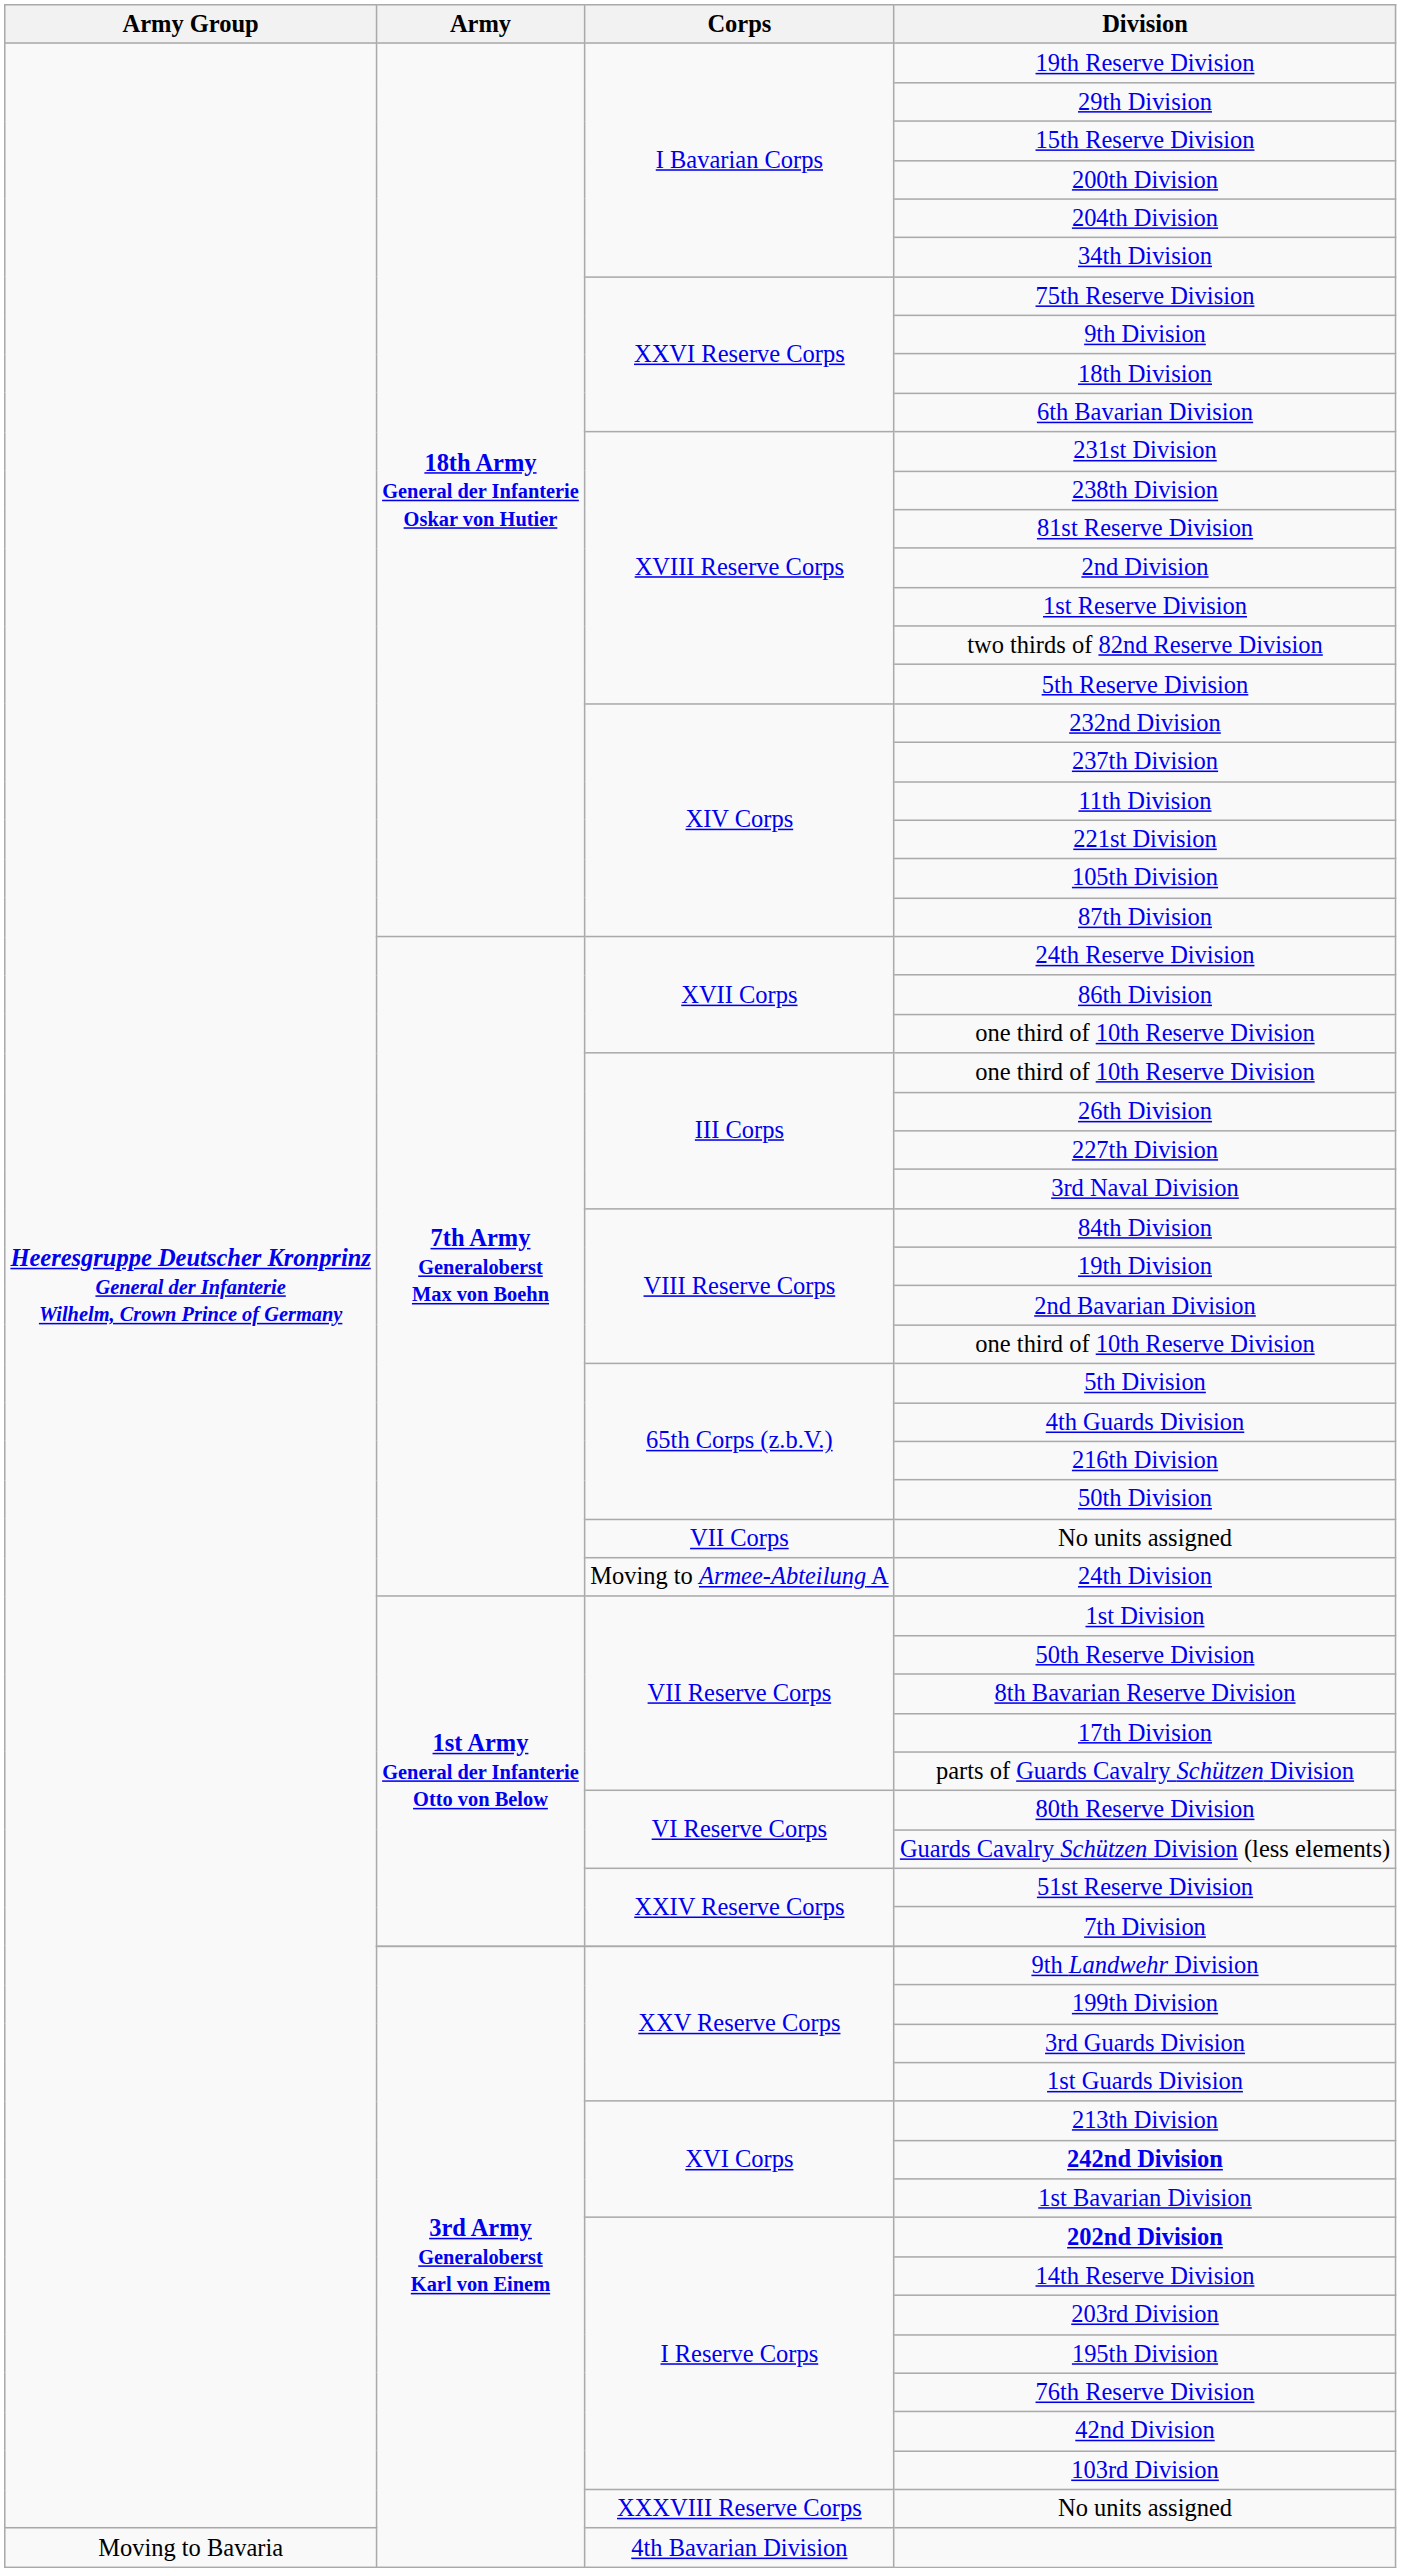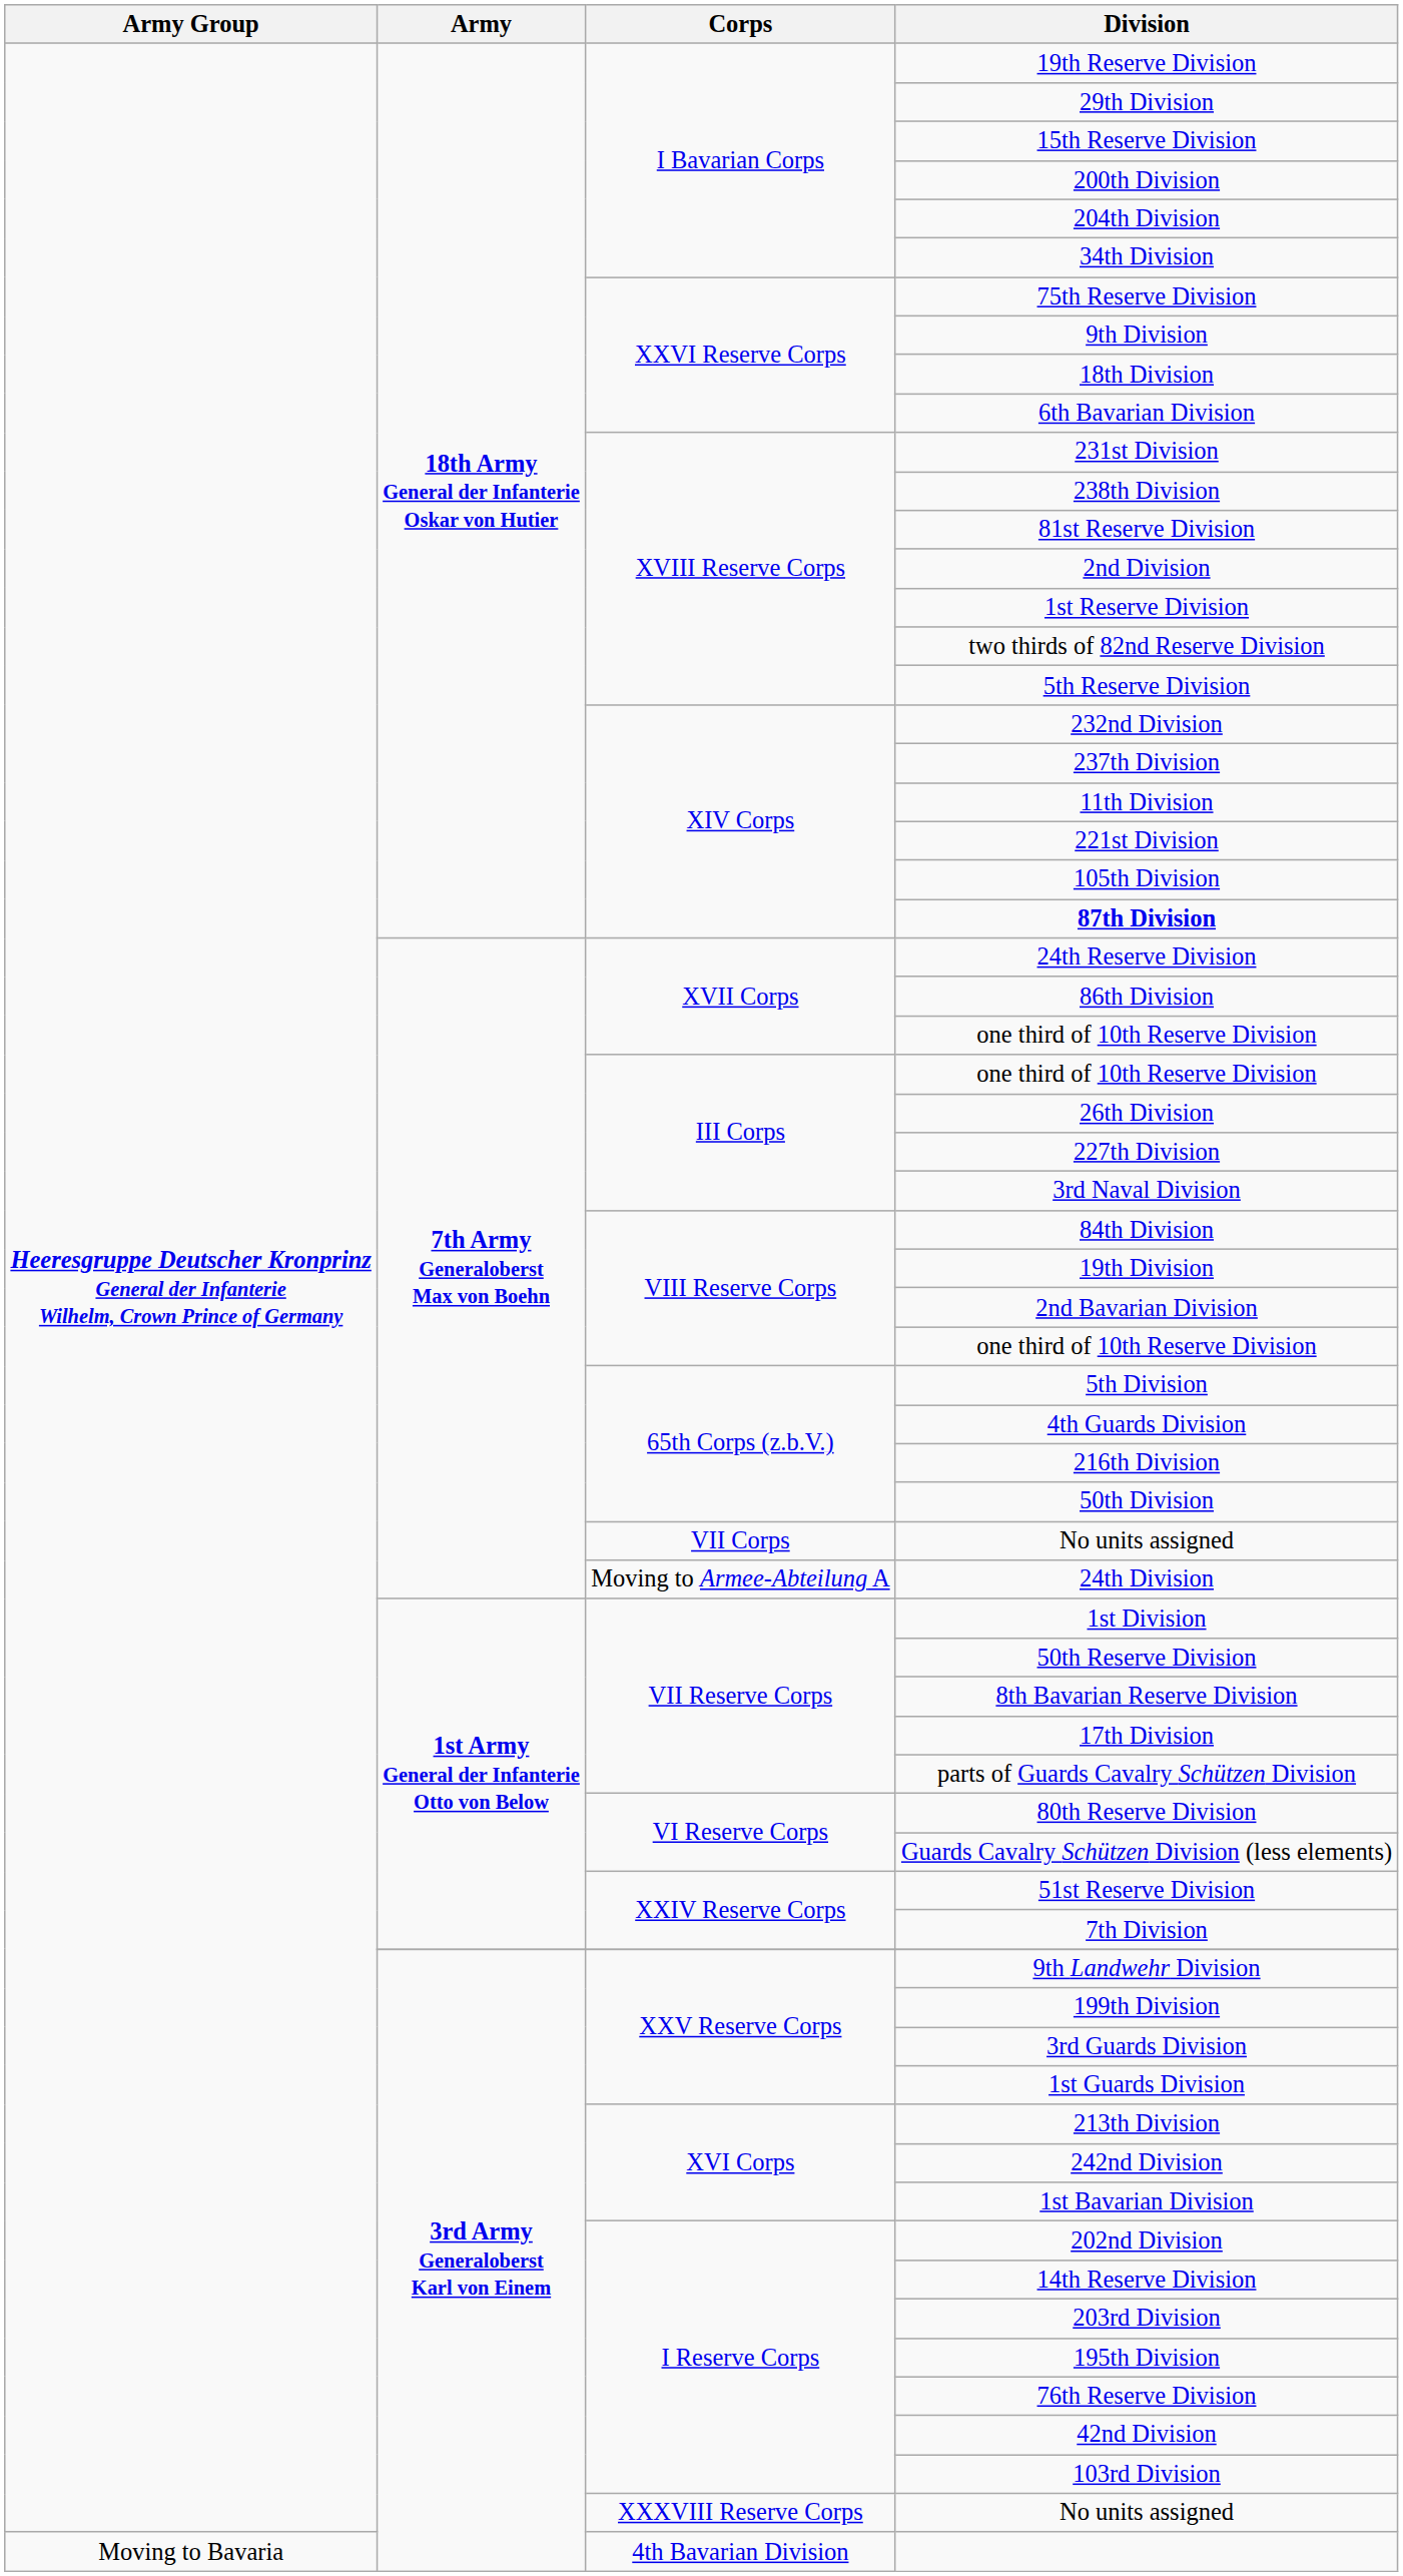 <table class="wikitable" style="text-align:center;">
 <tr>
 <th>Army Group</th>
 <th>Army</th>
 <th>Corps</th>
 <th>Division</th>
 </tr>
 <tr>
 <td ROWSPAN=65><strong><em><a href='#'>Heeresgruppe Deutscher Kronprinz</a><br><small><a href='#'>General der Infanterie</a><br><a href='#'>Wilhelm, Crown Prince of Germany</a></small></em></strong></td>
 <td ROWSPAN=23><strong><a href='#'>18th Army</a><br><small><a href='#'>General der Infanterie</a><br><a href='#'>Oskar von Hutier</a></small></strong></td>
 <td ROWSPAN=6><a href='#'>I Bavarian Corps</a></td>
 <td><a href='#'>19th Reserve Division</a></td>
 </tr>
 <tr>
 <td><a href='#'>29th Division</a></td>
 </tr>
 <tr>
 <td><a href='#'>15th Reserve Division</a></td>
 </tr>
 <tr>
 <td><a href='#'>200th Division</a></td>
 </tr>
 <tr>
 <td><a href='#'>204th Division</a></td>
 </tr>
 <tr>
 <td><a href='#'>34th Division</a></td>
 </tr>
 <tr>
 <td ROWSPAN=4><a href='#'>XXVI Reserve Corps</a></td>
 <td><a href='#'>75th Reserve Division</a></td>
 </tr>
 <tr>
 <td><a href='#'>9th Division</a></td>
 </tr>
 <tr>
 <td><a href='#'>18th Division</a></td>
 </tr>
 <tr>
 <td><a href='#'>6th Bavarian Division</a></td>
 </tr>
 <tr>
 <td ROWSPAN=7><a href='#'>XVIII Reserve Corps</a></td>
 <td><a href='#'>231st Division</a></td>
 </tr>
 <tr>
 <td><a href='#'>238th Division</a></td>
 </tr>
 <tr>
 <td><a href='#'>81st Reserve Division</a></td>
 </tr>
 <tr>
 <td><a href='#'>2nd Division</a></td>
 </tr>
 <tr>
 <td><a href='#'>1st Reserve Division</a></td>
 </tr>
 <tr>
 <td>two thirds of <a href='#'>82nd Reserve Division</a></td>
 </tr>
 <tr>
 <td><a href='#'>5th Reserve Division</a></td>
 </tr>
 <tr>
 <td ROWSPAN=6><a href='#'>XIV Corps</a></td>
 <td><a href='#'>232nd Division</a></td>
 </tr>
 <tr>
 <td><a href='#'>237th Division</a></td>
 </tr>
 <tr>
 <td><a href='#'>11th Division</a></td>
 </tr>
 <tr>
 <td><a href='#'>221st Division</a></td>
 </tr>
 <tr>
 <td><a href='#'>105th Division</a></td>
 </tr>
 <tr>
-<td><a href='#'>87th Division</a></td>
+<td><strong><a href='#'>87th Division</a></strong></td>
 </tr>
 <tr>
 <td ROWSPAN=17><strong><a href='#'>7th Army</a><br><small><a href='#'>Generaloberst</a><br><a href='#'>Max von Boehn</a></small></strong></td>
 <td ROWSPAN=3><a href='#'>XVII Corps</a></td>
 <td><a href='#'>24th Reserve Division</a></td>
 </tr>
 <tr>
 <td><a href='#'>86th Division</a></td>
 </tr>
 <tr>
 <td>one third of <a href='#'>10th Reserve Division</a></td>
 </tr>
 <tr>
 <td ROWSPAN=4><a href='#'>III Corps</a></td>
 <td>one third of <a href='#'>10th Reserve Division</a></td>
 </tr>
 <tr>
 <td><a href='#'>26th Division</a></td>
 </tr>
 <tr>
 <td><a href='#'>227th Division</a></td>
 </tr>
 <tr>
 <td><a href='#'>3rd Naval Division</a></td>
 </tr>
 <tr>
 <td ROWSPAN=4><a href='#'>VIII Reserve Corps</a></td>
 <td><a href='#'>84th Division</a></td>
 </tr>
 <tr>
 <td><a href='#'>19th Division</a></td>
 </tr>
 <tr>
 <td><a href='#'>2nd Bavarian Division</a></td>
 </tr>
 <tr>
 <td>one third of <a href='#'>10th Reserve Division</a></td>
 </tr>
 <tr>
 <td ROWSPAN=4><a href='#'>65th Corps (z.b.V.)</a></td>
 <td><a href='#'>5th Division</a></td>
 </tr>
 <tr>
 <td><a href='#'>4th Guards Division</a></td>
 </tr>
 <tr>
 <td><a href='#'>216th Division</a></td>
 </tr>
 <tr>
 <td><a href='#'>50th Division</a></td>
 </tr>
 <tr>
 <td ROWSPAN=1><a href='#'>VII Corps</a></td>
 <td>No units assigned</td>
 </tr>
 <tr>
 <td ROWSPAN=1>Moving to <a href='#'><em>Armee-Abteilung</em> A</a></td>
 <td><a href='#'>24th Division</a></td>
 </tr>
 <tr>
 <td ROWSPAN=9><strong><a href='#'>1st Army</a><br><small><a href='#'>General der Infanterie</a><br><a href='#'>Otto von Below</a></small></strong></td>
 <td ROWSPAN=5><a href='#'>VII Reserve Corps</a></td>
 <td><a href='#'>1st Division</a></td>
 </tr>
 <tr>
 <td><a href='#'>50th Reserve Division</a></td>
 </tr>
 <tr>
 <td><a href='#'>8th Bavarian Reserve Division</a></td>
 </tr>
 <tr>
 <td><a href='#'>17th Division</a></td>
 </tr>
 <tr>
 <td>parts of <a href='#'>Guards Cavalry <em>Schützen</em> Division</a></td>
 </tr>
 <tr>
 <td ROWSPAN=2><a href='#'>VI Reserve Corps</a></td>
 <td><a href='#'>80th Reserve Division</a></td>
 </tr>
 <tr>
 <td><a href='#'>Guards Cavalry <em>Schützen</em> Division</a> (less elements)</td>
 </tr>
 <tr>
 <td ROWSPAN=2><a href='#'>XXIV Reserve Corps</a></td>
 <td><a href='#'>51st Reserve Division</a></td>
 </tr>
 <tr>
 <td><a href='#'>7th Division</a></td>
 </tr>
 <tr>
 </tr>
 <tr>
 <td ROWSPAN=16><strong><a href='#'>3rd Army</a><br><small><a href='#'>Generaloberst</a><br><a href='#'>Karl von Einem</a></small></strong></td>
 <td ROWSPAN=4><a href='#'>XXV Reserve Corps</a></td>
 <td><a href='#'>9th <em>Landwehr</em> Division</a></td>
 </tr>
 <tr>
 <td><a href='#'>199th Division</a></td>
 </tr>
 <tr>
 <td><a href='#'>3rd Guards Division</a></td>
 </tr>
 <tr>
 <td><a href='#'>1st Guards Division</a></td>
 </tr>
 <tr>
 <td ROWSPAN=3><a href='#'>XVI Corps</a></td>
 <td><a href='#'>213th Division</a></td>
 </tr>
 <tr>
-<td><strong><a href='#'>242nd Division</a></strong></td>
+<td><a href='#'>242nd Division</a></td>
 </tr>
 <tr>
 <td><a href='#'>1st Bavarian Division</a></td>
 </tr>
 <tr>
 <td ROWSPAN=7><a href='#'>I Reserve Corps</a></td>
-<td><strong><a href='#'>202nd Division</a></strong></td>
+<td><a href='#'>202nd Division</a></td>
 </tr>
 <tr>
 <td><a href='#'>14th Reserve Division</a></td>
 </tr>
 <tr>
 <td><a href='#'>203rd Division</a></td>
 </tr>
 <tr>
 <td><a href='#'>195th Division</a></td>
 </tr>
 <tr>
 <td><a href='#'>76th Reserve Division</a></td>
 </tr>
 <tr>
 <td><a href='#'>42nd Division</a></td>
 </tr>
 <tr>
 <td><a href='#'>103rd Division</a></td>
 </tr>
 <tr>
 <td ROWSPAN=1><a href='#'>XXXVIII Reserve Corps</a></td>
 <td>No units assigned</td>
 </tr>
 <tr>
 <td ROWSPAN=1>Moving to Bavaria</td>
 <td><a href='#'>4th Bavarian Division</a></td>
 </tr>
 <tr>
 </tr>
 </table>
